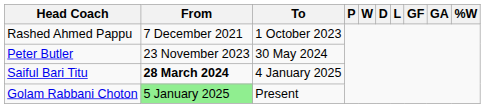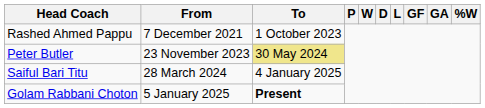 <table class="wikitable sortable" style="text-align:center">
 <tr>
 <th>Head Coach</th>
 <th Class="unsortable">From</th>
 <th Class="unsortable">To</th>
 <th abbr="3">P</th>
 <th abbr="1">W</th>
 <th abbr="1">D</th>
 <th abbr="1">L</th>
 <th abbr="4">GF</th>
 <th abbr="6">GA</th>
 <th abbr="50">%W</th>
 </tr>
 <tr>
 <td align=left> Rashed Ahmed Pappu</td>
 <td align=left>7 December 2021</td>
 <td align=left>1 October 2023<br></td>
 </tr>
 <tr>
 <td align=left> <a href='#'>Peter Butler</a></td>
 <td align=left>23 November 2023</td>
-<td align=left>30 May 2024<br></td>
+<td align=left style="background: khaki;">30 May 2024<br></td>
 </tr>
 <tr>
 <td align=left> <a href='#'>Saiful Bari Titu</a></td>
-<td align=left><strong>28 March 2024</strong></td>
+<td align=left>28 March 2024</td>
 <td align=left>4 January 2025<br></td>
 </tr>
 <tr>
 <td align=left> <a href='#'>Golam Rabbani Choton</a></td>
-<td align=left style="background: lightgreen;">5 January 2025</td>
-<td align=left>Present<br></td>
+<td align=left>5 January 2025</td>
+<td align=left><strong>Present<br></strong></td>
 </tr>
 </table>
